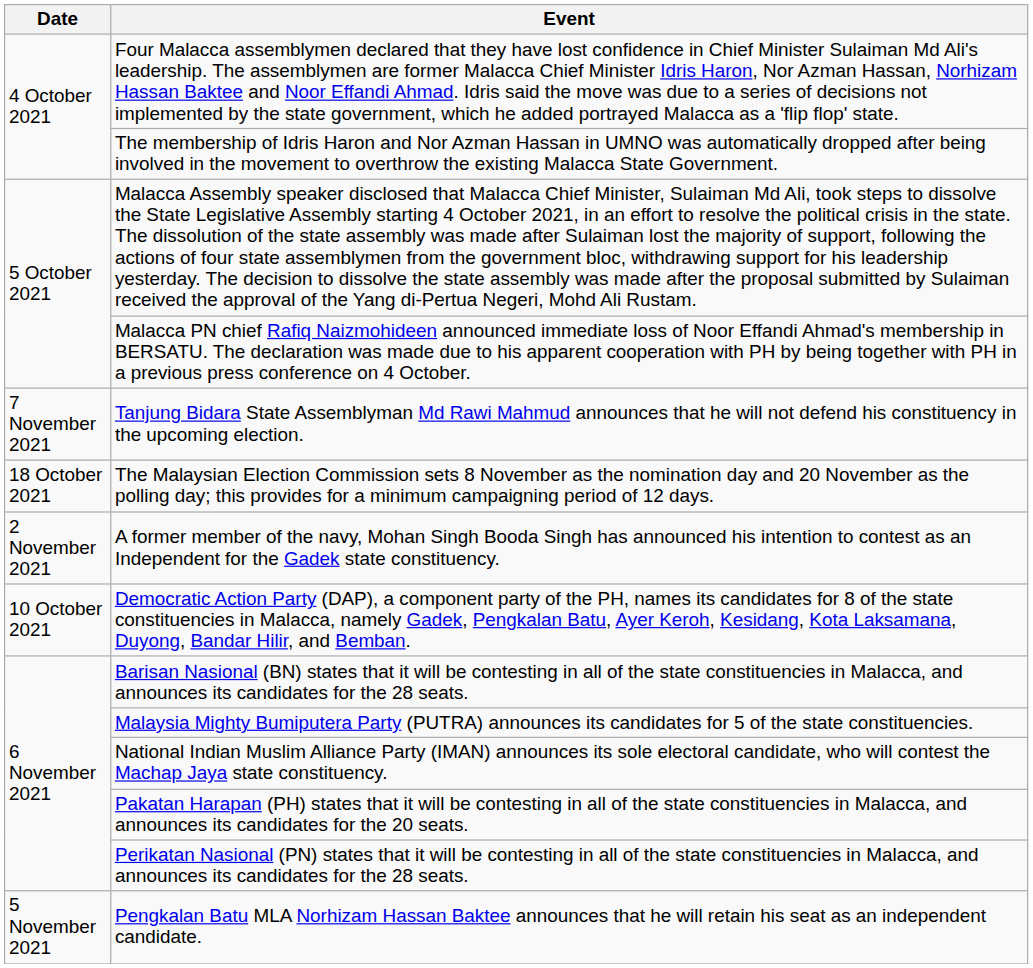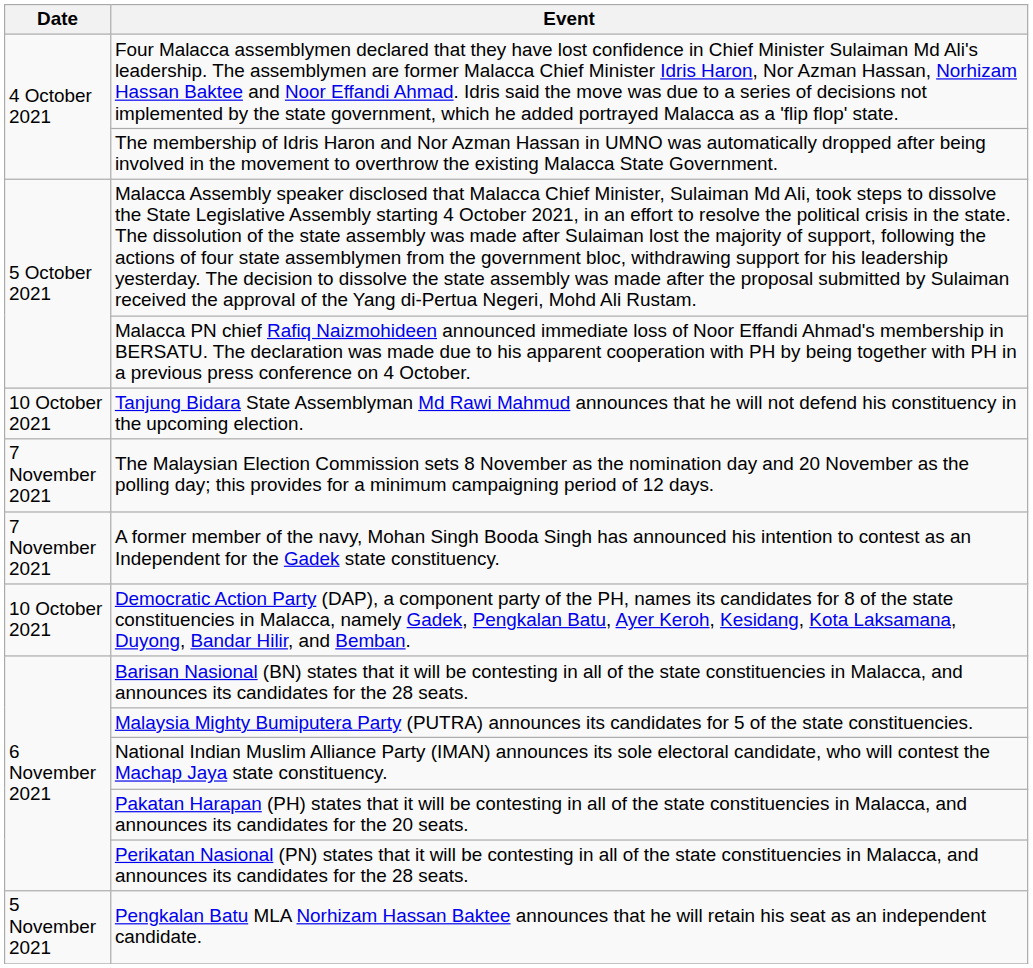 <table class="wikitable mw-collapsible">
 <tr>
 <th>Date</th>
 <th>Event</th>
 </tr>
 <tr>
 <td rowspan="2">4 October 2021</td>
 <td>Four Malacca assemblymen declared that they have lost confidence in Chief Minister Sulaiman Md Ali's leadership. The assemblymen are former Malacca Chief Minister <a href='#'>Idris Haron</a>, Nor Azman Hassan, <a href='#'>Norhizam Hassan Baktee</a> and <a href='#'>Noor Effandi Ahmad</a>. Idris said the move was due to a series of decisions not implemented by the state government, which he added portrayed Malacca as a 'flip flop' state.</td>
 </tr>
 <tr>
 <td> The membership of Idris Haron and Nor Azman Hassan in UMNO was automatically dropped after being involved in the movement to overthrow the existing Malacca State Government.</td>
 </tr>
 <tr>
 <td rowspan="2">5 October 2021</td>
 <td>Malacca Assembly speaker disclosed that Malacca Chief Minister, Sulaiman Md Ali, took steps to dissolve the State Legislative Assembly starting 4 October 2021, in an effort to resolve the political crisis in the state. The dissolution of the state assembly was made after Sulaiman lost the majority of support, following the actions of four state assemblymen from the government bloc, withdrawing support for his leadership yesterday. The decision to dissolve the state assembly was made after the proposal submitted by Sulaiman received the approval of the Yang di-Pertua Negeri, Mohd Ali Rustam.</td>
 </tr>
 <tr>
 <td> Malacca PN chief <a href='#'>Rafiq Naizmohideen</a> announced immediate loss of Noor Effandi Ahmad's membership in BERSATU. The declaration was made due to his apparent cooperation with PH by being together with PH in a previous press conference on 4 October.</td>
 </tr>
 <tr>
-<td>7 November 2021</td>
+<td>10 October 2021</td>
 <td> <a href='#'>Tanjung Bidara</a> State Assemblyman <a href='#'>Md Rawi Mahmud</a> announces that he will not defend his constituency in the upcoming election.</td>
 </tr>
 <tr>
-<td>18 October 2021</td>
+<td>7 November 2021</td>
 <td>The Malaysian Election Commission sets 8 November as the nomination day and 20 November as the polling day; this provides for a minimum campaigning period of 12 days.</td>
 </tr>
 <tr>
-<td>2 November 2021</td>
+<td>7 November 2021</td>
 <td> A former member of the navy, Mohan Singh Booda Singh has announced his intention to contest as an Independent for the <a href='#'>Gadek</a> state constituency.</td>
 </tr>
 <tr>
 <td>10 October 2021</td>
 <td> <a href='#'>Democratic Action Party</a> (DAP), a component party of the PH, names its candidates for 8 of the state constituencies in Malacca, namely <a href='#'>Gadek</a>, <a href='#'>Pengkalan Batu</a>, <a href='#'>Ayer Keroh</a>, <a href='#'>Kesidang</a>, <a href='#'>Kota Laksamana</a>, <a href='#'>Duyong</a>, <a href='#'>Bandar Hilir</a>, and <a href='#'>Bemban</a>.</td>
 </tr>
 <tr>
 <td rowspan="5">6 November 2021</td>
 <td><a href='#'>Barisan Nasional</a> (BN) states that it will be contesting in all of the state constituencies in Malacca, and announces its candidates for the 28 seats.</td>
 </tr>
 <tr>
 <td> <a href='#'>Malaysia Mighty Bumiputera Party</a> (PUTRA) announces its candidates for 5 of the state constituencies.</td>
 </tr>
 <tr>
 <td>National Indian Muslim Alliance Party (IMAN) announces its sole electoral candidate, who will contest the <a href='#'>Machap Jaya</a> state constituency.</td>
 </tr>
 <tr>
 <td> <a href='#'>Pakatan Harapan</a> (PH) states that it will be contesting in all of the state constituencies in Malacca, and announces its candidates for the 20 seats.</td>
 </tr>
 <tr>
 <td> <a href='#'>Perikatan Nasional</a> (PN) states that it will be contesting in all of the state constituencies in Malacca, and announces its candidates for the 28 seats.</td>
 </tr>
 <tr>
 <td>5 November 2021</td>
 <td> <a href='#'>Pengkalan Batu</a> MLA <a href='#'>Norhizam Hassan Baktee</a> announces that he will retain his seat as an independent candidate.</td>
 </tr>
 </table>
